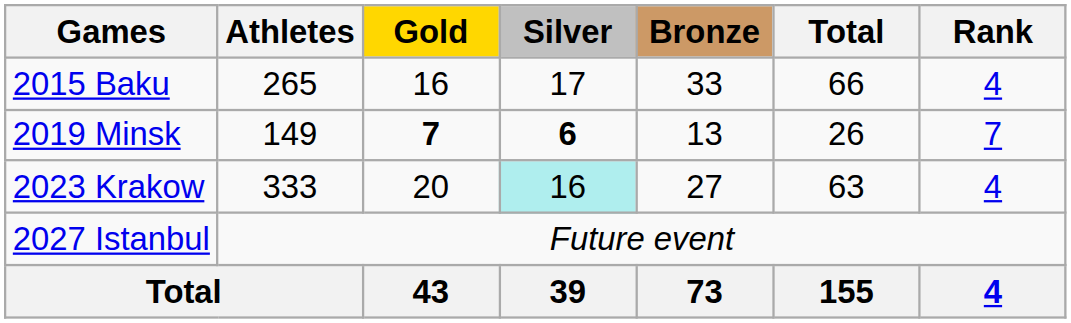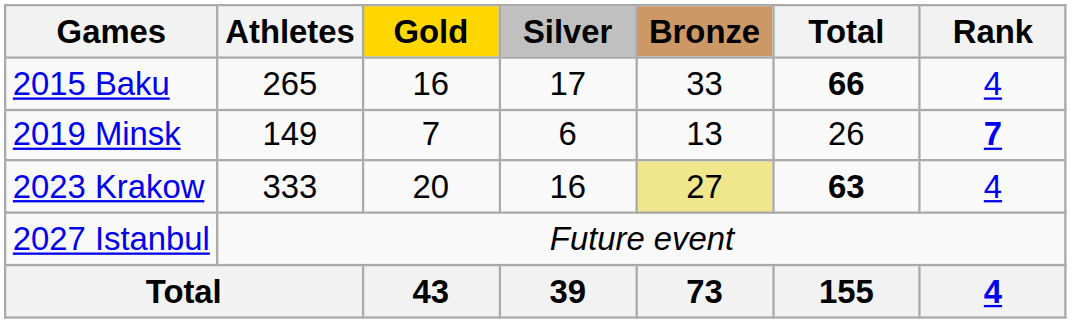 <table class="wikitable" style="text-align:center; font-size:90%;">
 <tr>
 <th>Games</th>
 <th>Athletes</th>
 <td style="background:gold; width:3.7em; font-weight:bold;">Gold</td>
 <td style="background:silver; width:3.7em; font-weight:bold;">Silver</td>
 <td style="background:#cc9966; width:3.7em; font-weight:bold;">Bronze</td>
 <th style="width:4em; font-weight:bold;">Total</th>
 <th style="width:4em; font-weight:bold;">Rank</th>
 </tr>
 <tr>
 <td align=left> <a href='#'>2015 Baku</a></td>
 <td>265</td>
 <td>16</td>
 <td>17</td>
 <td>33</td>
-<td>66</td>
+<td><strong>66</strong></td>
 <td><a href='#'>4</a></td>
 </tr>
 <tr>
 <td align=left> <a href='#'>2019 Minsk</a></td>
 <td>149</td>
-<td><strong>7</strong></td>
-<td><strong>6</strong></td>
+<td>7</td>
+<td>6</td>
 <td>13</td>
 <td>26</td>
-<td><a href='#'>7</a></td>
+<td><strong><a href='#'>7</a></strong></td>
 </tr>
 <tr>
 <td align=left> <a href='#'>2023 Krakow</a></td>
 <td>333</td>
 <td>20</td>
-<td style="background: paleturquoise;">16</td>
-<td>27</td>
-<td>63</td>
+<td>16</td>
+<td style="background: khaki;">27</td>
+<td><strong>63</strong></td>
 <td><a href='#'>4</a></td>
 </tr>
 <tr>
 <td align=left> <a href='#'>2027 Istanbul</a></td>
 <td colspan=6><em>Future event</em></td>
 </tr>
 <tr>
 <th colspan=2>Total</th>
 <th>43</th>
 <th>39</th>
 <th>73</th>
 <th>155</th>
 <th><a href='#'>4</a></th>
 </tr>
 </table>
